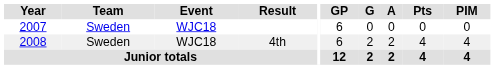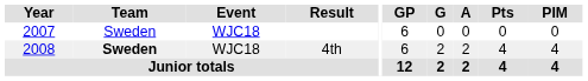 <table border="0" cellpadding="1" cellspacing="0" ID="Table3" style="text-align:center; width:40em">
 <tr ALIGN="center" bgcolor="#e0e0e0">
 <th>Year</th>
 <th>Team</th>
 <th>Event</th>
 <th>Result</th>
 <th rowspan="99" bgcolor="#ffffff"></th>
 <th>GP</th>
 <th>G</th>
 <th>A</th>
 <th>Pts</th>
 <th>PIM</th>
 </tr>
 <tr align="center">
 <td><a href='#'>2007</a></td>
 <td><a href='#'>Sweden</a></td>
 <td><a href='#'>WJC18</a></td>
 <td></td>
 <td>6</td>
 <td>0</td>
 <td>0</td>
 <td>0</td>
 <td>0</td>
 </tr>
 <tr align="center" bgcolor="#f0f0f0">
 <td><a href='#'>2008</a></td>
-<td>Sweden</td>
+<td><strong>Sweden</strong></td>
 <td>WJC18</td>
 <td>4th</td>
 <td>6</td>
 <td>2</td>
 <td>2</td>
 <td>4</td>
 <td>4</td>
 </tr>
 <tr bgcolor="#e0e0e0">
 <th colspan="4">Junior totals</th>
 <th>12</th>
 <th>2</th>
 <th>2</th>
 <th>4</th>
 <th>4</th>
 </tr>
 </table>
